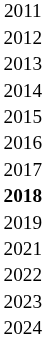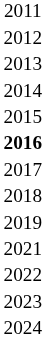 <table>
 <tr>
 <td align="center">2011</td>
 <td></td>
 <td></td>
 <td></td>
 </tr>
 <tr>
 <td align="center">2012</td>
 <td></td>
 <td></td>
 <td></td>
 </tr>
 <tr>
 <td align="center">2013</td>
 <td></td>
 <td></td>
 <td></td>
 </tr>
 <tr>
 <td align="center">2014</td>
 <td></td>
 <td></td>
 <td></td>
 </tr>
 <tr>
 <td align="center">2015</td>
 <td></td>
 <td></td>
 <td></td>
 </tr>
 <tr>
-<td align="center">2016</td>
+<td align="center"><strong>2016</strong></td>
 <td></td>
 <td></td>
 <td></td>
 </tr>
 <tr>
 <td align="center">2017</td>
 <td></td>
 <td></td>
 <td></td>
 </tr>
 <tr>
-<td align="center"><strong>2018</strong></td>
+<td align="center">2018</td>
 <td></td>
 <td></td>
 <td></td>
 </tr>
 <tr>
 <td align="center">2019</td>
 <td></td>
 <td></td>
 <td></td>
 </tr>
 <tr>
 <td align="center">2021</td>
 <td></td>
 <td></td>
 <td></td>
 </tr>
 <tr>
 <td align="center">2022</td>
 <td></td>
 <td></td>
 <td></td>
 </tr>
 <tr>
 <td align="center">2023</td>
 <td></td>
 <td></td>
 <td></td>
 </tr>
 <tr>
 <td align="center">2024</td>
 <td></td>
 <td></td>
 <td></td>
 </tr>
 </table>
